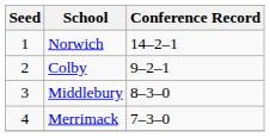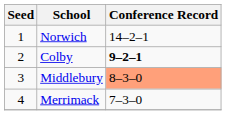 <table class="wikitable">
 <tr>
 <th>Seed</th>
 <th>School</th>
 <th>Conference Record</th>
 </tr>
 <tr>
 <td align=center>1</td>
 <td><a href='#'>Norwich</a></td>
 <td>14–2–1</td>
 </tr>
 <tr>
 <td align=center>2</td>
 <td><a href='#'>Colby</a></td>
-<td>9–2–1</td>
+<td><strong>9–2–1</strong></td>
 </tr>
 <tr>
 <td align=center>3</td>
 <td><a href='#'>Middlebury</a></td>
-<td>8–3–0</td>
+<td style="background: lightsalmon;">8–3–0</td>
 </tr>
 <tr>
 <td align=center>4</td>
 <td><a href='#'>Merrimack</a></td>
 <td>7–3–0</td>
 </tr>
 <tr>
 </tr>
 </table>
